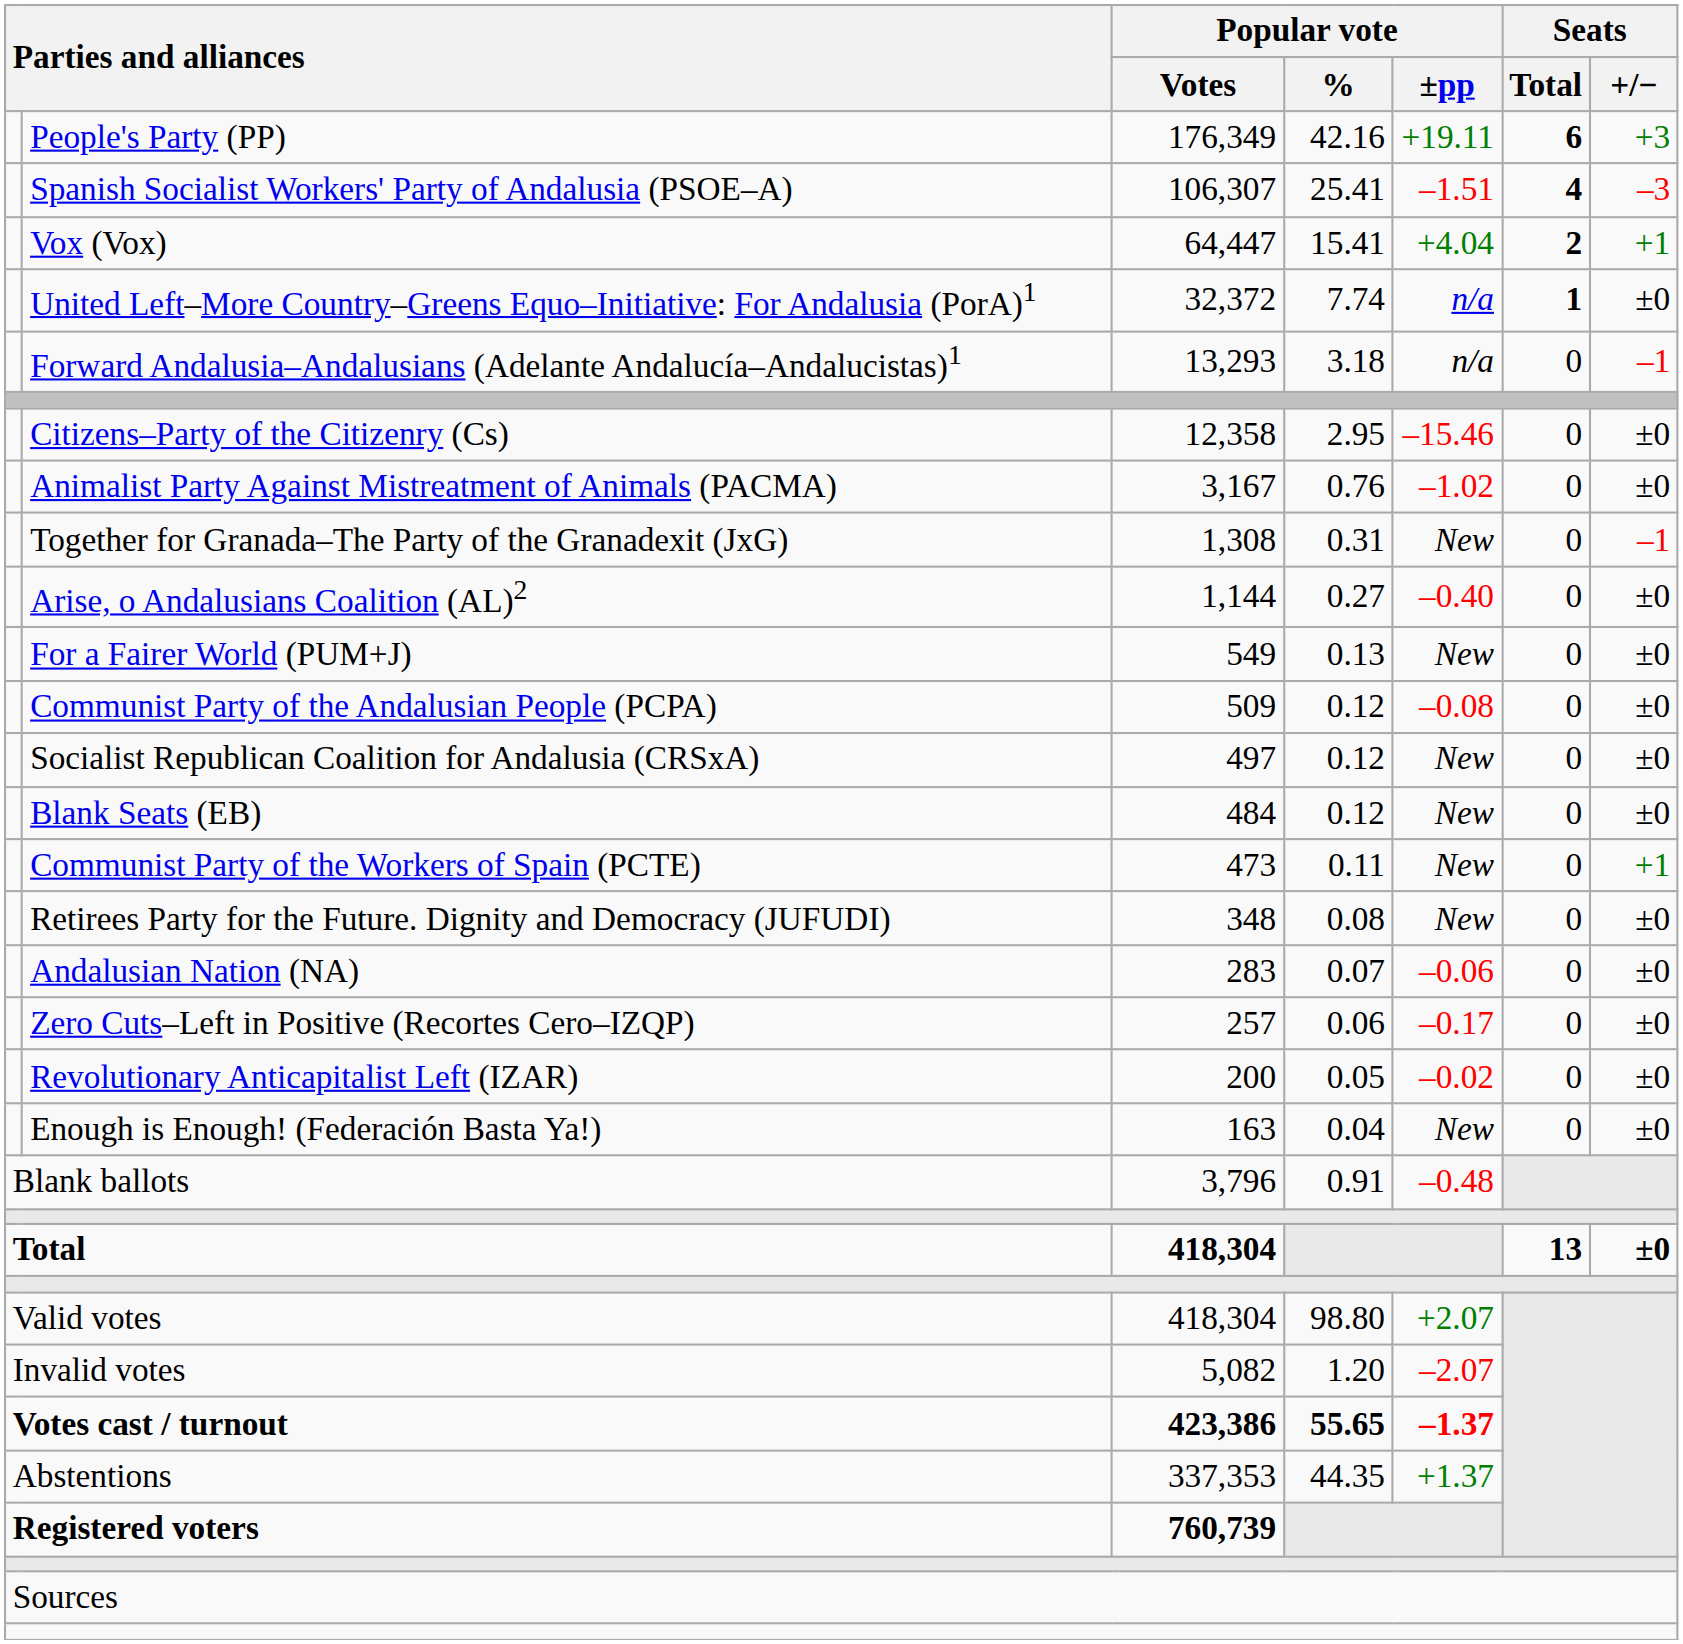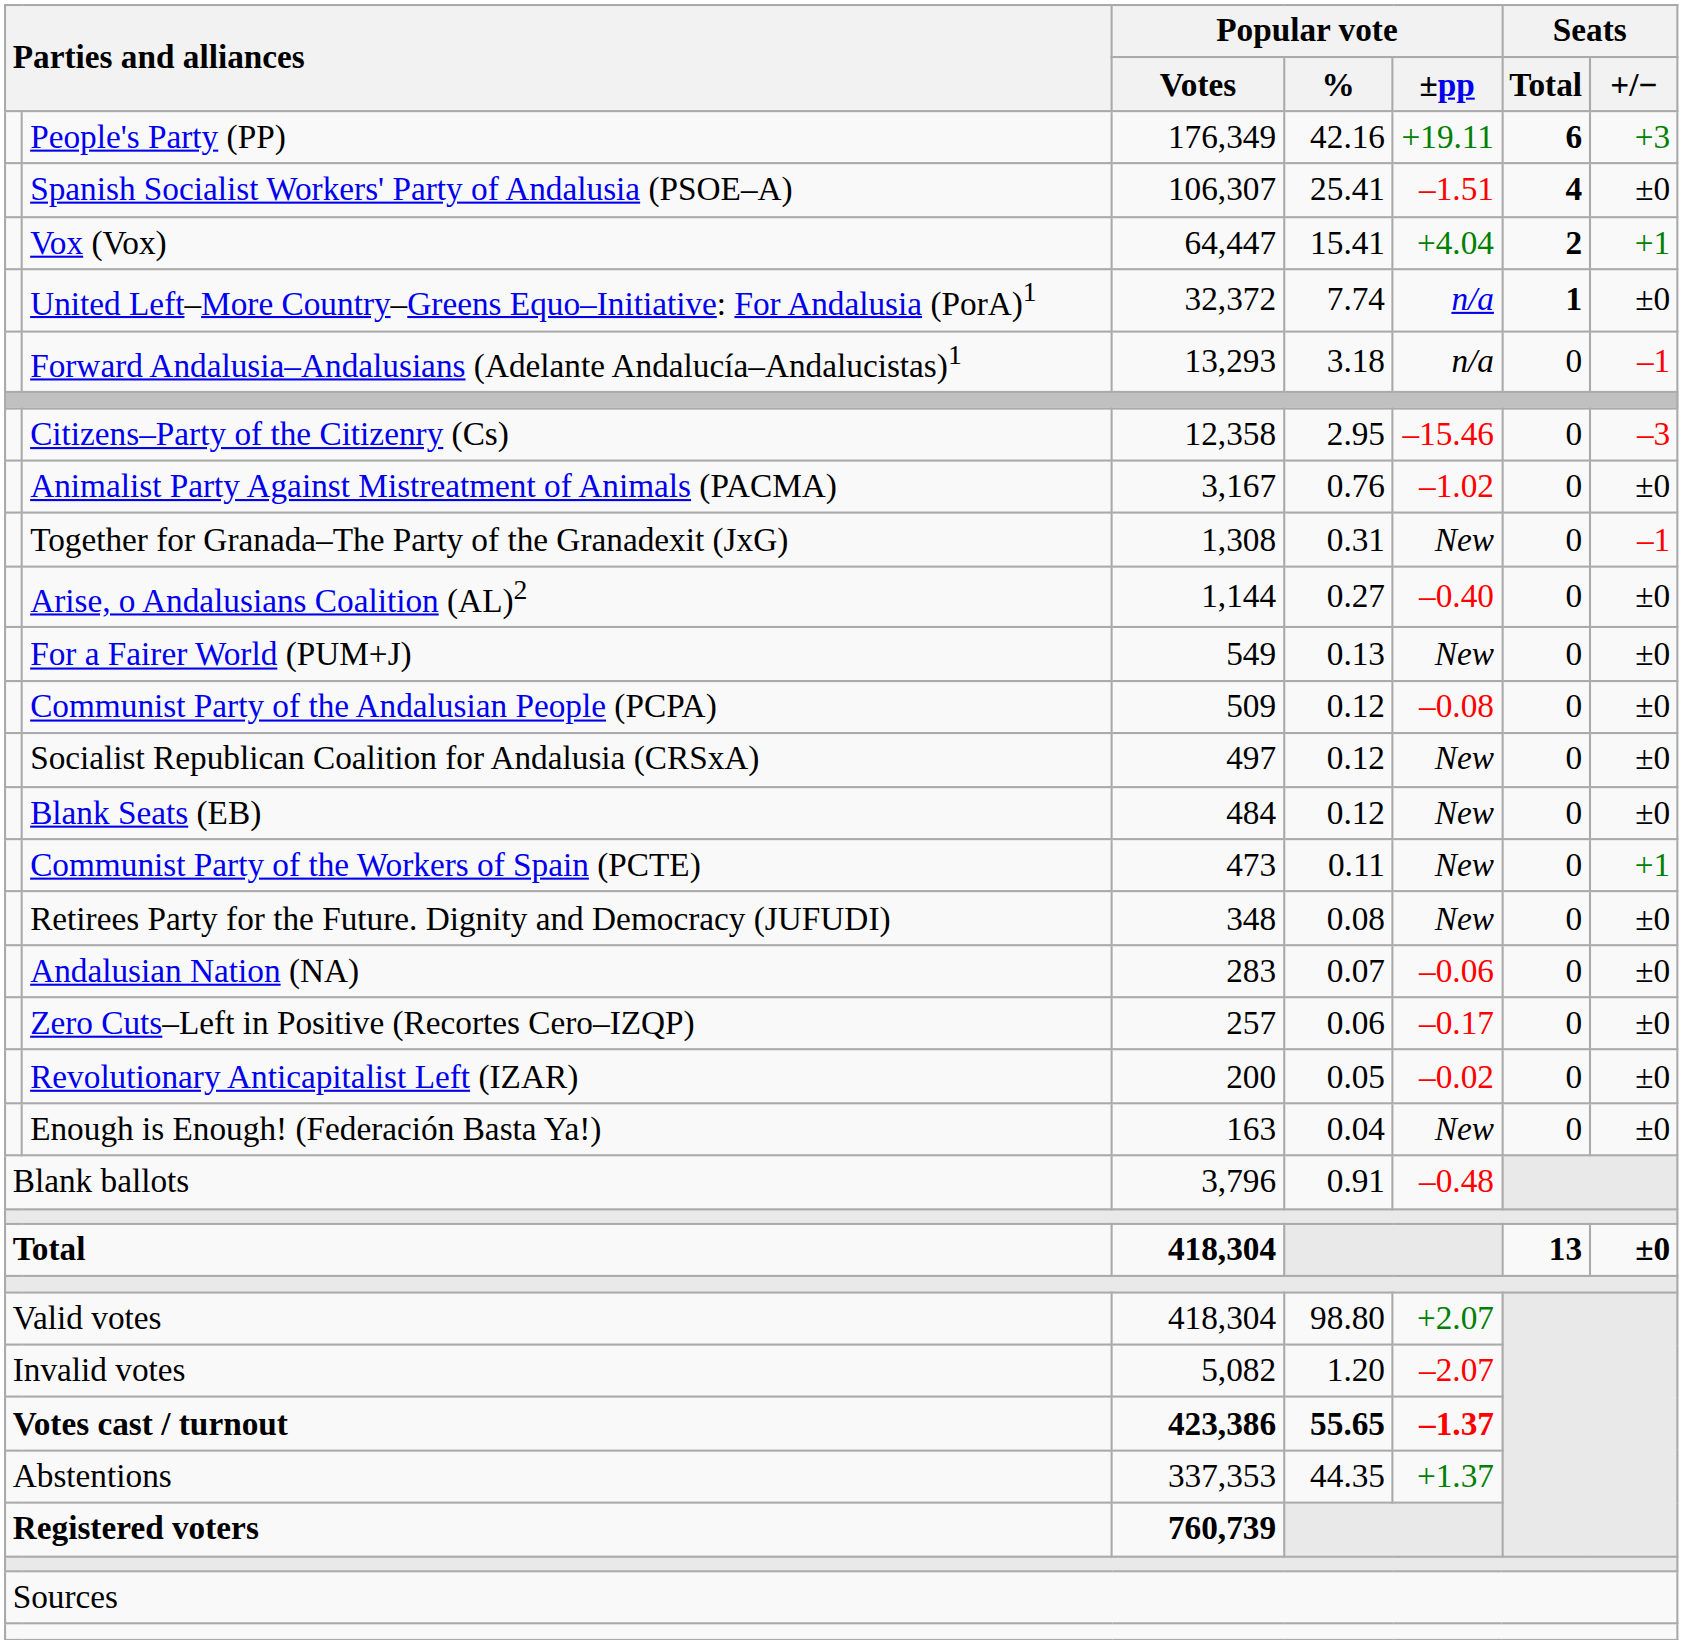 <table class="wikitable" style="text-align:right;">
 <tr>
 <th style="text-align:left;" rowspan="2" colspan="2" width="525">Parties and alliances</th>
 <th colspan="3">Popular vote</th>
 <th colspan="2">Seats</th>
 </tr>
 <tr>
 <th width="75">Votes</th>
 <th width="45">%</th>
 <th width="45">±<a href='#'>pp</a></th>
 <th width="35">Total</th>
 <th width="35">+/−</th>
 </tr>
 <tr>
 <td width="1" style="color:inherit;background:"></td>
 <td align="left"><a href='#'>People's Party</a> (PP)</td>
 <td>176,349</td>
 <td>42.16</td>
 <td style="color:green;">+19.11</td>
 <td><strong>6</strong></td>
 <td style="color:green;">+3</td>
 </tr>
 <tr>
 <td style="color:inherit;background:"></td>
 <td align="left"><a href='#'>Spanish Socialist Workers' Party of Andalusia</a> (PSOE–A)</td>
 <td>106,307</td>
 <td>25.41</td>
 <td style="color:red;">–1.51</td>
 <td><strong>4</strong></td>
-<td style="color:red;">–3</td>
+<td>±0</td>
 </tr>
 <tr>
 <td style="color:inherit;background:"></td>
 <td align="left"><a href='#'>Vox</a> (Vox)</td>
 <td>64,447</td>
 <td>15.41</td>
 <td style="color:green;">+4.04</td>
 <td><strong>2</strong></td>
 <td style="color:green;">+1</td>
 </tr>
 <tr>
 <td style="color:inherit;background:"></td>
 <td align="left"><a href='#'>United Left</a>–<a href='#'>More Country</a>–<a href='#'>Greens Equo–Initiative</a>: <a href='#'>For Andalusia</a> (PorA)<sup>1</sup></td>
 <td>32,372</td>
 <td>7.74</td>
 <td><em><a href='#'>n/a</a></em></td>
 <td><strong>1</strong></td>
 <td>±0</td>
 </tr>
 <tr>
 <td style="color:inherit;background:"></td>
 <td align="left"><a href='#'>Forward Andalusia–Andalusians</a> (Adelante Andalucía–Andalucistas)<sup>1</sup></td>
 <td>13,293</td>
 <td>3.18</td>
 <td><em>n/a</em></td>
 <td>0</td>
 <td style="color:red;">–1</td>
 </tr>
 <tr>
 <td colspan="7" bgcolor="#C0C0C0"></td>
 </tr>
 <tr>
 <td style="color:inherit;background:"></td>
 <td align="left"><a href='#'>Citizens–Party of the Citizenry</a> (Cs)</td>
 <td>12,358</td>
 <td>2.95</td>
 <td style="color:red;">–15.46</td>
 <td>0</td>
-<td>±0</td>
+<td style="color:red;">–3</td>
 </tr>
 <tr>
 <td style="color:inherit;background:"></td>
 <td align="left"><a href='#'>Animalist Party Against Mistreatment of Animals</a> (PACMA)</td>
 <td>3,167</td>
 <td>0.76</td>
 <td style="color:red;">–1.02</td>
 <td>0</td>
 <td>±0</td>
 </tr>
 <tr>
 <td style="color:inherit;background:"></td>
 <td align="left">Together for Granada–The Party of the Granadexit (JxG)</td>
 <td>1,308</td>
 <td>0.31</td>
 <td><em>New</em></td>
 <td>0</td>
 <td style="color:red;">–1</td>
 </tr>
 <tr>
 <td style="color:inherit;background:"></td>
 <td align="left"><a href='#'>Arise, o Andalusians Coalition</a> (AL)<sup>2</sup></td>
 <td>1,144</td>
 <td>0.27</td>
 <td style="color:red;">–0.40</td>
 <td>0</td>
 <td>±0</td>
 </tr>
 <tr>
 <td style="color:inherit;background:"></td>
 <td align="left"><a href='#'>For a Fairer World</a> (PUM+J)</td>
 <td>549</td>
 <td>0.13</td>
 <td><em>New</em></td>
 <td>0</td>
 <td>±0</td>
 </tr>
 <tr>
 <td style="color:inherit;background:"></td>
 <td align="left"><a href='#'>Communist Party of the Andalusian People</a> (PCPA)</td>
 <td>509</td>
 <td>0.12</td>
 <td style="color:red;">–0.08</td>
 <td>0</td>
 <td>±0</td>
 </tr>
 <tr>
 <td style="color:inherit;background:"></td>
 <td align="left">Socialist Republican Coalition for Andalusia (CRSxA)</td>
 <td>497</td>
 <td>0.12</td>
 <td><em>New</em></td>
 <td>0</td>
 <td>±0</td>
 </tr>
 <tr>
 <td style="color:inherit;background:"></td>
 <td align="left"><a href='#'>Blank Seats</a> (EB)</td>
 <td>484</td>
 <td>0.12</td>
 <td><em>New</em></td>
 <td>0</td>
 <td>±0</td>
 </tr>
 <tr>
 <td style="color:inherit;background:"></td>
 <td align="left"><a href='#'>Communist Party of the Workers of Spain</a> (PCTE)</td>
 <td>473</td>
 <td>0.11</td>
 <td><em>New</em></td>
 <td>0</td>
 <td style="color:green;">+1</td>
 </tr>
 <tr>
 <td style="color:inherit;background:"></td>
 <td align="left">Retirees Party for the Future. Dignity and Democracy (JUFUDI)</td>
 <td>348</td>
 <td>0.08</td>
 <td><em>New</em></td>
 <td>0</td>
 <td>±0</td>
 </tr>
 <tr>
 <td style="color:inherit;background:"></td>
 <td align="left"><a href='#'>Andalusian Nation</a> (NA)</td>
 <td>283</td>
 <td>0.07</td>
 <td style="color:red;">–0.06</td>
 <td>0</td>
 <td>±0</td>
 </tr>
 <tr>
 <td style="color:inherit;background:"></td>
 <td align="left"><a href='#'>Zero Cuts</a>–Left in Positive (Recortes Cero–IZQP)</td>
 <td>257</td>
 <td>0.06</td>
 <td style="color:red;">–0.17</td>
 <td>0</td>
 <td>±0</td>
 </tr>
 <tr>
 <td style="color:inherit;background:"></td>
 <td align="left"><a href='#'>Revolutionary Anticapitalist Left</a> (IZAR)</td>
 <td>200</td>
 <td>0.05</td>
 <td style="color:red;">–0.02</td>
 <td>0</td>
 <td>±0</td>
 </tr>
 <tr>
 <td style="color:inherit;background:"></td>
 <td align="left">Enough is Enough! (Federación Basta Ya!)</td>
 <td>163</td>
 <td>0.04</td>
 <td><em>New</em></td>
 <td>0</td>
 <td>±0</td>
 </tr>
 <tr>
 <td align="left" colspan="2">Blank ballots</td>
 <td>3,796</td>
 <td>0.91</td>
 <td style="color:red;">–0.48</td>
 <td bgcolor="#E9E9E9" colspan="2"></td>
 </tr>
 <tr>
 <td colspan="7" bgcolor="#E9E9E9"></td>
 </tr>
 <tr style="font-weight:bold;">
 <td align="left" colspan="2">Total</td>
 <td>418,304</td>
 <td bgcolor="#E9E9E9" colspan="2"></td>
 <td>13</td>
 <td>±0</td>
 </tr>
 <tr>
 <td colspan="7" bgcolor="#E9E9E9"></td>
 </tr>
 <tr>
 <td align="left" colspan="2">Valid votes</td>
 <td>418,304</td>
 <td>98.80</td>
 <td style="color:green;">+2.07</td>
 <td bgcolor="#E9E9E9" colspan="2" rowspan="5"></td>
 </tr>
 <tr>
 <td align="left" colspan="2">Invalid votes</td>
 <td>5,082</td>
 <td>1.20</td>
 <td style="color:red;">–2.07</td>
 </tr>
 <tr style="font-weight:bold;">
 <td align="left" colspan="2">Votes cast / turnout</td>
 <td>423,386</td>
 <td>55.65</td>
 <td style="color:red;">–1.37</td>
 </tr>
 <tr>
 <td align="left" colspan="2">Abstentions</td>
 <td>337,353</td>
 <td>44.35</td>
 <td style="color:green;">+1.37</td>
 </tr>
 <tr style="font-weight:bold;">
 <td align="left" colspan="2">Registered voters</td>
 <td>760,739</td>
 <td bgcolor="#E9E9E9" colspan="2"></td>
 </tr>
 <tr>
 <td colspan="7" bgcolor="#E9E9E9"></td>
 </tr>
 <tr>
 <td align="left" colspan="7">Sources</td>
 </tr>
 <tr>
 <td colspan="7" style="text-align:left; max-width:790px;"></td>
 </tr>
 </table>
